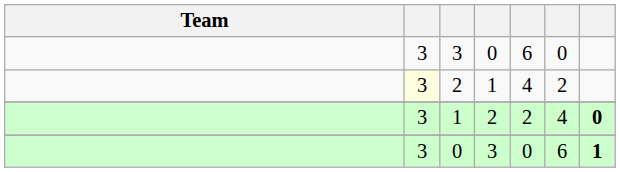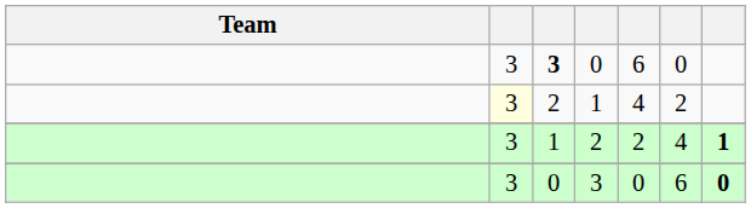 <table class=wikitable style="text-align:center">
 <tr>
 <th width=305>Team</th>
 <th width=20></th>
 <th width=20></th>
 <th width=20></th>
 <th width=20></th>
 <th width=20></th>
 <th width=20></th>
 </tr>
 <tr>
 <td style="text-align:left"></td>
 <td>3</td>
-<td>3</td>
+<td><strong>3</strong></td>
 <td>0</td>
 <td>6</td>
 <td>0</td>
 <td><strong></strong></td>
 </tr>
 <tr>
 <td style="text-align:left"></td>
 <td style="background: lightyellow;">3</td>
 <td>2</td>
 <td>1</td>
 <td>4</td>
 <td>2</td>
 <td><strong></strong></td>
 </tr>
 <tr>
 </tr>
 <tr bgcolor=ccffcc>
 <td style="text-align:left"></td>
 <td>3</td>
 <td>1</td>
 <td>2</td>
 <td>2</td>
 <td>4</td>
-<td><strong>0</strong></td>
+<td><strong>1</strong></td>
 </tr>
 <tr>
 </tr>
 <tr bgcolor=ccffcc>
 <td style="text-align:left"></td>
 <td>3</td>
 <td>0</td>
 <td>3</td>
 <td>0</td>
 <td>6</td>
-<td><strong>1</strong></td>
+<td><strong>0</strong></td>
 </tr>
 </table>
